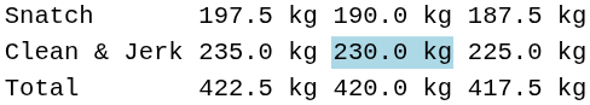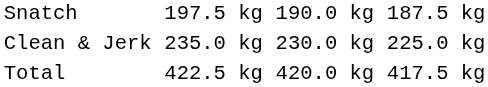 <table>
 <tr>
 <td>Snatch</td>
 <td></td>
 <td>197.5 kg</td>
 <td></td>
 <td>190.0 kg</td>
 <td></td>
 <td>187.5 kg</td>
 </tr>
 <tr>
 <td>Clean & Jerk</td>
 <td></td>
 <td>235.0 kg</td>
 <td></td>
-<td style="background: lightblue;">230.0 kg</td>
+<td>230.0 kg</td>
 <td></td>
 <td>225.0 kg</td>
 </tr>
 <tr>
 <td>Total</td>
 <td></td>
 <td>422.5 kg</td>
 <td></td>
 <td>420.0 kg</td>
 <td></td>
 <td>417.5 kg</td>
 </tr>
 </table>
